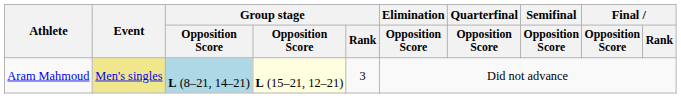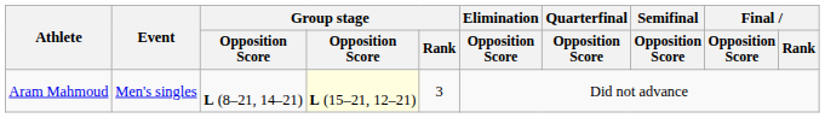 <table class="wikitable" style="font-size:90%">
 <tr>
 <th rowspan=2>Athlete</th>
 <th rowspan=2>Event</th>
 <th colspan=3>Group stage</th>
 <th>Elimination</th>
 <th>Quarterfinal</th>
 <th>Semifinal</th>
 <th colspan=2>Final / </th>
 </tr>
 <tr style="font-size:95%">
 <th>Opposition<br>Score</th>
 <th>Opposition<br>Score</th>
 <th>Rank</th>
 <th>Opposition<br>Score</th>
 <th>Opposition<br>Score</th>
 <th>Opposition<br>Score</th>
 <th>Opposition<br>Score</th>
 <th>Rank</th>
 </tr>
 <tr align=center>
 <td align=left><a href='#'>Aram Mahmoud</a></td>
-<td align=left style="background: khaki;"><a href='#'>Men's singles</a></td>
-<td style="background: lightblue;"><br><strong>L</strong> (8–21, 14–21)</td>
+<td align=left><a href='#'>Men's singles</a></td>
+<td><br><strong>L</strong> (8–21, 14–21)</td>
 <td style="background: lightyellow;"><br><strong>L</strong> (15–21, 12–21)</td>
 <td>3</td>
 <td colspan=5>Did not advance</td>
 </tr>
 </table>
